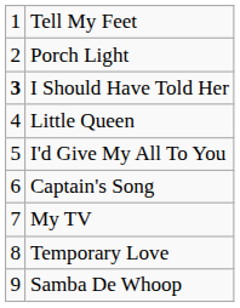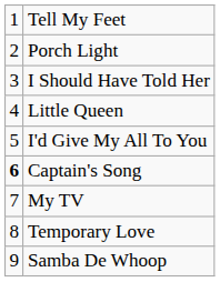 <table class="wikitable">
 <tr>
 <td>1</td>
 <td>Tell My Feet</td>
 </tr>
 <tr>
 <td>2</td>
 <td>Porch Light</td>
 </tr>
 <tr>
-<td><strong>3</strong></td>
+<td>3</td>
 <td>I Should Have Told Her</td>
 </tr>
 <tr>
 <td>4</td>
 <td>Little Queen</td>
 </tr>
 <tr>
 <td>5</td>
 <td>I'd Give My All To You</td>
 </tr>
 <tr>
-<td>6</td>
+<td><strong>6</strong></td>
 <td>Captain's Song</td>
 </tr>
 <tr>
 <td>7</td>
 <td>My TV</td>
 </tr>
 <tr>
 <td>8</td>
 <td>Temporary Love</td>
 </tr>
 <tr>
 <td>9</td>
 <td>Samba De Whoop</td>
 </tr>
 </table>
